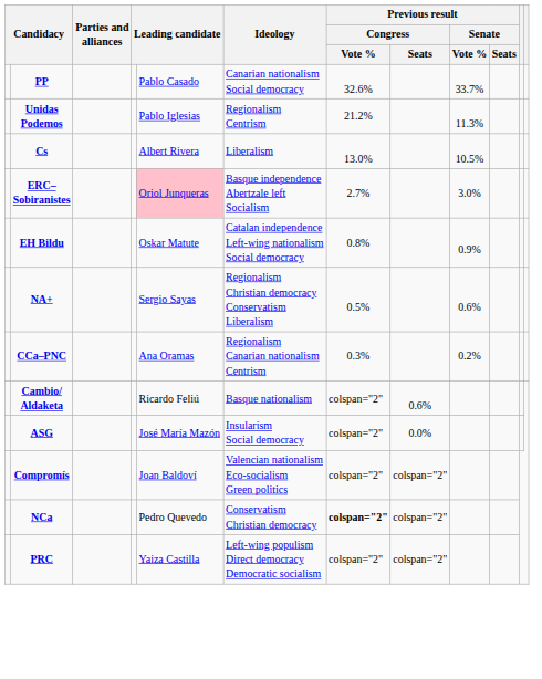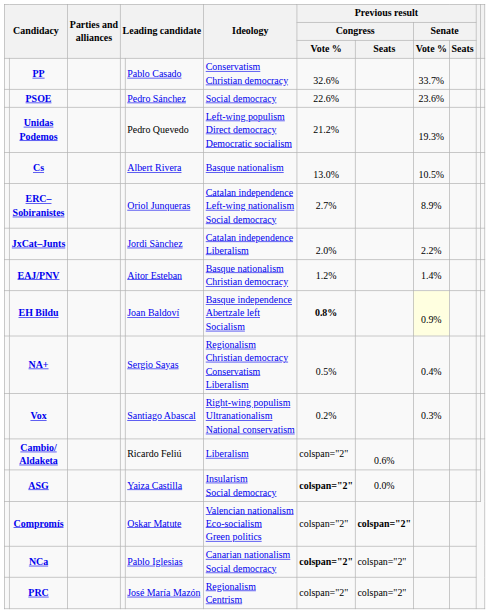 <table class="wikitable" style="line-height:1.35em; text-align:left;">
 <tr>
 <th colspan="2" rowspan="3">Candidacy</th>
 <th rowspan="3">Parties and<br>alliances</th>
 <th colspan="2" rowspan="3">Leading candidate</th>
 <th rowspan="3">Ideology</th>
 <th colspan="4">Previous result</th>
 <th rowspan="3"></th>
 <th rowspan="3"></th>
 </tr>
 <tr>
 <th colspan="2">Congress</th>
 <th colspan="2">Senate</th>
 </tr>
 <tr>
 <th>Vote %</th>
 <th>Seats</th>
 <th>Vote %</th>
 <th>Seats</th>
 </tr>
 <tr>
 <td width="1" style="color:inherit;background:"></td>
 <td align="center"><strong><a href='#'>PP</a></strong></td>
 <td></td>
 <td></td>
 <td><a href='#'>Pablo Casado</a></td>
-<td><a href='#'>Canarian nationalism</a><br><a href='#'>Social democracy</a></td>
+<td><a href='#'>Conservatism</a><br><a href='#'>Christian democracy</a></td>
 <td align="center"><br>32.6%<br></td>
 <td></td>
 <td align="center"><br>33.7%<br></td>
 <td></td>
 <td></td>
 <td></td>
 </tr>
 <tr>
 <td style="color:inherit;background:"></td>
+<td align="center"><strong><a href='#'>PSOE</a></strong></td>
+<td></td>
+<td></td>
+<td><a href='#'>Pedro Sánchez</a></td>
+<td><a href='#'>Social democracy</a></td>
+<td align="center">22.6%</td>
+<td></td>
+<td align="center">23.6%</td>
+<td></td>
+<td></td>
+<td></td>
+</tr>
+<tr>
+<td style="color:inherit;background:"></td>
 <td align="center"><strong><a href='#'>Unidas<br>Podemos</a></strong></td>
 <td></td>
 <td></td>
-<td><a href='#'>Pablo Iglesias</a></td>
-<td><a href='#'>Regionalism</a><br><a href='#'>Centrism</a></td>
+<td>Pedro Quevedo</td>
+<td><a href='#'>Left-wing populism</a><br><a href='#'>Direct democracy</a><br><a href='#'>Democratic socialism</a></td>
 <td align="center">21.2%</td>
 <td></td>
-<td align="center"><br>11.3%<br></td>
+<td align="center"><br>19.3%<br></td>
 <td></td>
 <td></td>
 <td><br></td>
 </tr>
 <tr>
 <td style="color:inherit;background:"></td>
 <td align="center"><strong><a href='#'>Cs</a></strong></td>
 <td></td>
 <td></td>
 <td><a href='#'>Albert Rivera</a></td>
-<td><a href='#'>Liberalism</a></td>
+<td><a href='#'>Basque nationalism</a></td>
 <td align="center"><br>13.0%<br></td>
 <td></td>
 <td align="center"><br>10.5%<br></td>
 <td></td>
 <td></td>
 <td></td>
 </tr>
 <tr>
 <td style="color:inherit;background:"></td>
 <td align="center"><strong><a href='#'>ERC–<br>Sobiranistes</a></strong></td>
 <td></td>
 <td></td>
-<td style="background: pink;"><a href='#'>Oriol Junqueras</a></td>
-<td><a href='#'>Basque independence</a><br><a href='#'>Abertzale left</a><br><a href='#'>Socialism</a></td>
+<td><a href='#'>Oriol Junqueras</a></td>
+<td><a href='#'>Catalan independence</a><br><a href='#'>Left-wing nationalism</a><br><a href='#'>Social democracy</a></td>
 <td align="center">2.7%</td>
 <td></td>
-<td align="center">3.0%</td>
+<td align="center">8.9%</td>
 <td></td>
 <td></td>
 <td><br></td>
 </tr>
 <tr>
 <td style="color:inherit;background:"></td>
+<td align="center"><strong><a href='#'>JxCat–Junts</a></strong></td>
+<td></td>
+<td></td>
+<td><a href='#'>Jordi Sànchez</a></td>
+<td><a href='#'>Catalan independence</a><br><a href='#'>Liberalism</a></td>
+<td align="center"><br>2.0%<br></td>
+<td></td>
+<td align="center"><br>2.2%<br></td>
+<td></td>
+<td></td>
+<td><br><br></td>
+</tr>
+<tr>
+<td style="color:inherit;background:"></td>
+<td align="center"><strong><a href='#'>EAJ/PNV</a></strong></td>
+<td></td>
+<td></td>
+<td><a href='#'>Aitor Esteban</a></td>
+<td><a href='#'>Basque nationalism</a><br><a href='#'>Christian democracy</a></td>
+<td align="center">1.2%</td>
+<td></td>
+<td align="center">1.4%</td>
+<td></td>
+<td></td>
+<td></td>
+</tr>
+<tr>
+<td style="color:inherit;background:"></td>
 <td align="center"><strong><a href='#'>EH Bildu</a></strong></td>
 <td></td>
 <td></td>
-<td><a href='#'>Oskar Matute</a></td>
-<td><a href='#'>Catalan independence</a><br><a href='#'>Left-wing nationalism</a><br><a href='#'>Social democracy</a></td>
-<td align="center">0.8%</td>
+<td><a href='#'>Joan Baldoví</a></td>
+<td><a href='#'>Basque independence</a><br><a href='#'>Abertzale left</a><br><a href='#'>Socialism</a></td>
+<td align="center"><strong>0.8%</strong></td>
 <td></td>
-<td align="center"><br>0.9%<br></td>
+<td align="center" style="background: lightyellow;"><br>0.9%<br></td>
 <td></td>
 <td></td>
 <td></td>
 </tr>
 <tr>
 <td style="color:inherit;background:"></td>
 <td align="center"><strong><a href='#'>NA+</a></strong></td>
 <td></td>
 <td></td>
 <td><a href='#'>Sergio Sayas</a></td>
 <td><a href='#'>Regionalism</a><br><a href='#'>Christian democracy</a><br><a href='#'>Conservatism</a><br><a href='#'>Liberalism</a></td>
 <td align="center"><br>0.5%<br></td>
 <td></td>
-<td align="center"><br>0.6%<br></td>
+<td align="center"><br>0.4%<br></td>
 <td></td>
 <td></td>
 <td><br><br></td>
 </tr>
 <tr>
 <td style="color:inherit;background:"></td>
-<td align="center"><strong><a href='#'>CCa–PNC</a></strong></td>
+<td align="center"><strong><a href='#'>Vox</a></strong></td>
 <td></td>
 <td></td>
-<td><a href='#'>Ana Oramas</a></td>
-<td><a href='#'>Regionalism</a><br><a href='#'>Canarian nationalism</a><br><a href='#'>Centrism</a></td>
+<td><a href='#'>Santiago Abascal</a></td>
+<td><a href='#'>Right-wing populism</a><br><a href='#'>Ultranationalism</a><br><a href='#'>National conservatism</a></td>
+<td align="center">0.2%</td>
+<td></td>
 <td align="center">0.3%</td>
-<td></td>
-<td align="center">0.2%</td>
 <td></td>
 <td></td>
 <td></td>
 </tr>
 <tr>
 <td style="color:inherit;background:"></td>
 <td align="center"><strong><a href='#'>Cambio/<br>Aldaketa</a></strong></td>
 <td></td>
 <td></td>
 <td>Ricardo Feliú</td>
-<td><a href='#'>Basque nationalism</a></td>
+<td><a href='#'>Liberalism</a></td>
 <td>colspan="2" </td>
 <td align="center"><br>0.6%<br></td>
 <td></td>
 <td></td>
 <td></td>
 </tr>
 <tr>
 <td style="color:inherit;background:"></td>
 <td align="center"><strong><a href='#'>ASG</a></strong></td>
 <td></td>
 <td></td>
-<td><a href='#'>José María Mazón</a></td>
+<td><a href='#'>Yaiza Castilla</a></td>
 <td><a href='#'>Insularism</a><br><a href='#'>Social democracy</a></td>
-<td>colspan="2" </td>
+<td><strong>colspan="2" </strong></td>
 <td align="center">0.0%</td>
 <td></td>
 <td></td>
 <td></td>
 </tr>
 <tr>
 <td style="color:inherit;background:"></td>
 <td align="center"><strong><a href='#'>Compromís</a></strong></td>
 <td></td>
 <td></td>
-<td><a href='#'>Joan Baldoví</a></td>
+<td><a href='#'>Oskar Matute</a></td>
 <td><a href='#'>Valencian nationalism</a><br><a href='#'>Eco-socialism</a><br><a href='#'>Green politics</a></td>
 <td>colspan="2" </td>
-<td>colspan="2" </td>
+<td><strong>colspan="2" </strong></td>
 <td></td>
 <td></td>
 </tr>
 <tr>
 <td style="color:inherit;background:"></td>
 <td align="center"><strong><a href='#'>NCa</a></strong></td>
 <td></td>
 <td></td>
-<td>Pedro Quevedo</td>
-<td><a href='#'>Conservatism</a><br><a href='#'>Christian democracy</a></td>
+<td><a href='#'>Pablo Iglesias</a></td>
+<td><a href='#'>Canarian nationalism</a><br><a href='#'>Social democracy</a></td>
 <td><strong>colspan="2" </strong></td>
 <td>colspan="2" </td>
 <td></td>
 <td></td>
 </tr>
 <tr>
 <td style="color:inherit;background:"></td>
 <td align="center"><strong><a href='#'>PRC</a></strong></td>
 <td></td>
 <td></td>
-<td><a href='#'>Yaiza Castilla</a></td>
-<td><a href='#'>Left-wing populism</a><br><a href='#'>Direct democracy</a><br><a href='#'>Democratic socialism</a></td>
+<td><a href='#'>José María Mazón</a></td>
+<td><a href='#'>Regionalism</a><br><a href='#'>Centrism</a></td>
 <td>colspan="2" </td>
 <td>colspan="2" </td>
 <td></td>
 <td></td>
 </tr>
 </table>
